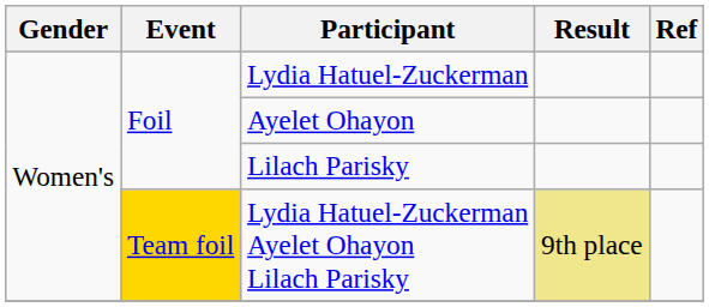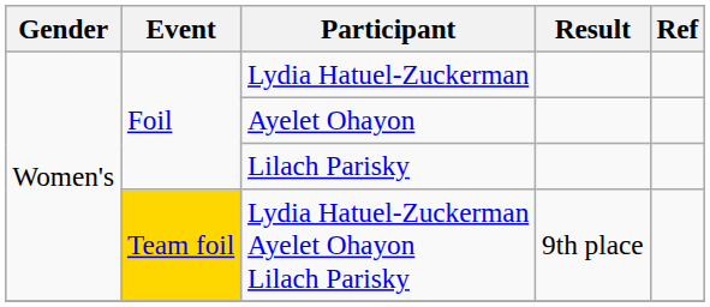 <table class="wikitable" style="font-size: 95%;">
 <tr>
 <th>Gender</th>
 <th>Event</th>
 <th>Participant</th>
 <th>Result</th>
 <th>Ref</th>
 </tr>
 <tr>
 <td rowspan="4">Women's</td>
 <td rowspan="3"><a href='#'>Foil</a></td>
 <td><a href='#'>Lydia Hatuel-Zuckerman</a></td>
 <td></td>
 <td></td>
 </tr>
 <tr>
 <td><a href='#'>Ayelet Ohayon</a></td>
 <td></td>
 <td></td>
 </tr>
 <tr>
 <td><a href='#'>Lilach Parisky</a></td>
 <td></td>
 <td></td>
 </tr>
 <tr>
 <td style="background: gold;"><a href='#'>Team foil</a></td>
 <td><a href='#'>Lydia Hatuel-Zuckerman</a><br><a href='#'>Ayelet Ohayon</a><br><a href='#'>Lilach Parisky</a></td>
-<td style="background: khaki;">9th place</td>
+<td>9th place</td>
 <td></td>
 </tr>
 <tr>
 </tr>
 </table>
